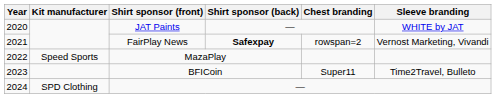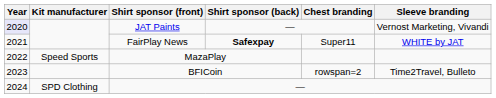 <table class="wikitable" style="text-align:center;font-size:95%">
 <tr>
 <th>Year</th>
 <th>Kit manufacturer</th>
 <th>Shirt sponsor (front)</th>
 <th>Shirt sponsor (back)</th>
 <th>Chest branding</th>
 <th>Sleeve branding</th>
 </tr>
 <tr>
-<td>2020</td>
+<td style="background: lavender;">2020</td>
 <td rowspan=2></td>
 <td><a href='#'>JAT Paints</a></td>
 <td colspan=2 >—</td>
-<td><a href='#'>WHITE by JAT</a></td>
+<td>Vernost Marketing, Vivandi</td>
 </tr>
 <tr>
 <td>2021</td>
 <td>FairPlay News</td>
 <td><strong>Safexpay</strong></td>
-<td>rowspan=2 </td>
-<td>Vernost Marketing, Vivandi</td>
+<td>Super11</td>
+<td><a href='#'>WHITE by JAT</a></td>
 </tr>
 <tr>
 <td>2022</td>
 <td>Speed Sports</td>
 <td colspan="2">MazaPlay</td>
 <td></td>
 </tr>
 <tr>
 <td>2023</td>
 <td></td>
 <td colspan="2">BFICoin</td>
-<td>Super11</td>
+<td>rowspan=2 </td>
 <td>Time2Travel, Bulleto</td>
 </tr>
 <tr>
 <td>2024</td>
 <td>SPD Clothing</td>
 <td colspan=4 >—</td>
 </tr>
 </table>
